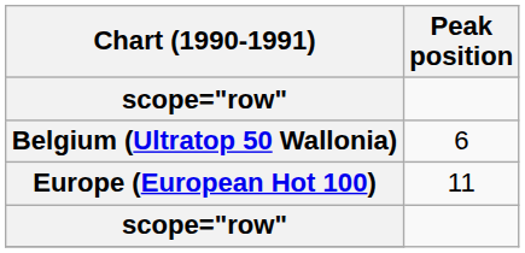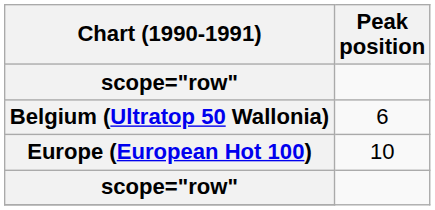 <table class="wikitable sortable plainrowheaders">
 <tr>
 <th>Chart (1990-1991)</th>
 <th>Peak<br>position</th>
 </tr>
 <tr>
 <th>scope="row"</th>
 </tr>
 <tr>
 <th scope="row">Belgium (<a href='#'>Ultratop 50</a> Wallonia)</th>
 <td align="center">6</td>
 </tr>
 <tr>
 <th scope="row">Europe (<a href='#'>European Hot 100</a>)</th>
-<td align="center">11</td>
+<td align="center">10</td>
 </tr>
 <tr>
 <th>scope="row"</th>
 </tr>
 <tr>
 </tr>
 </table>
